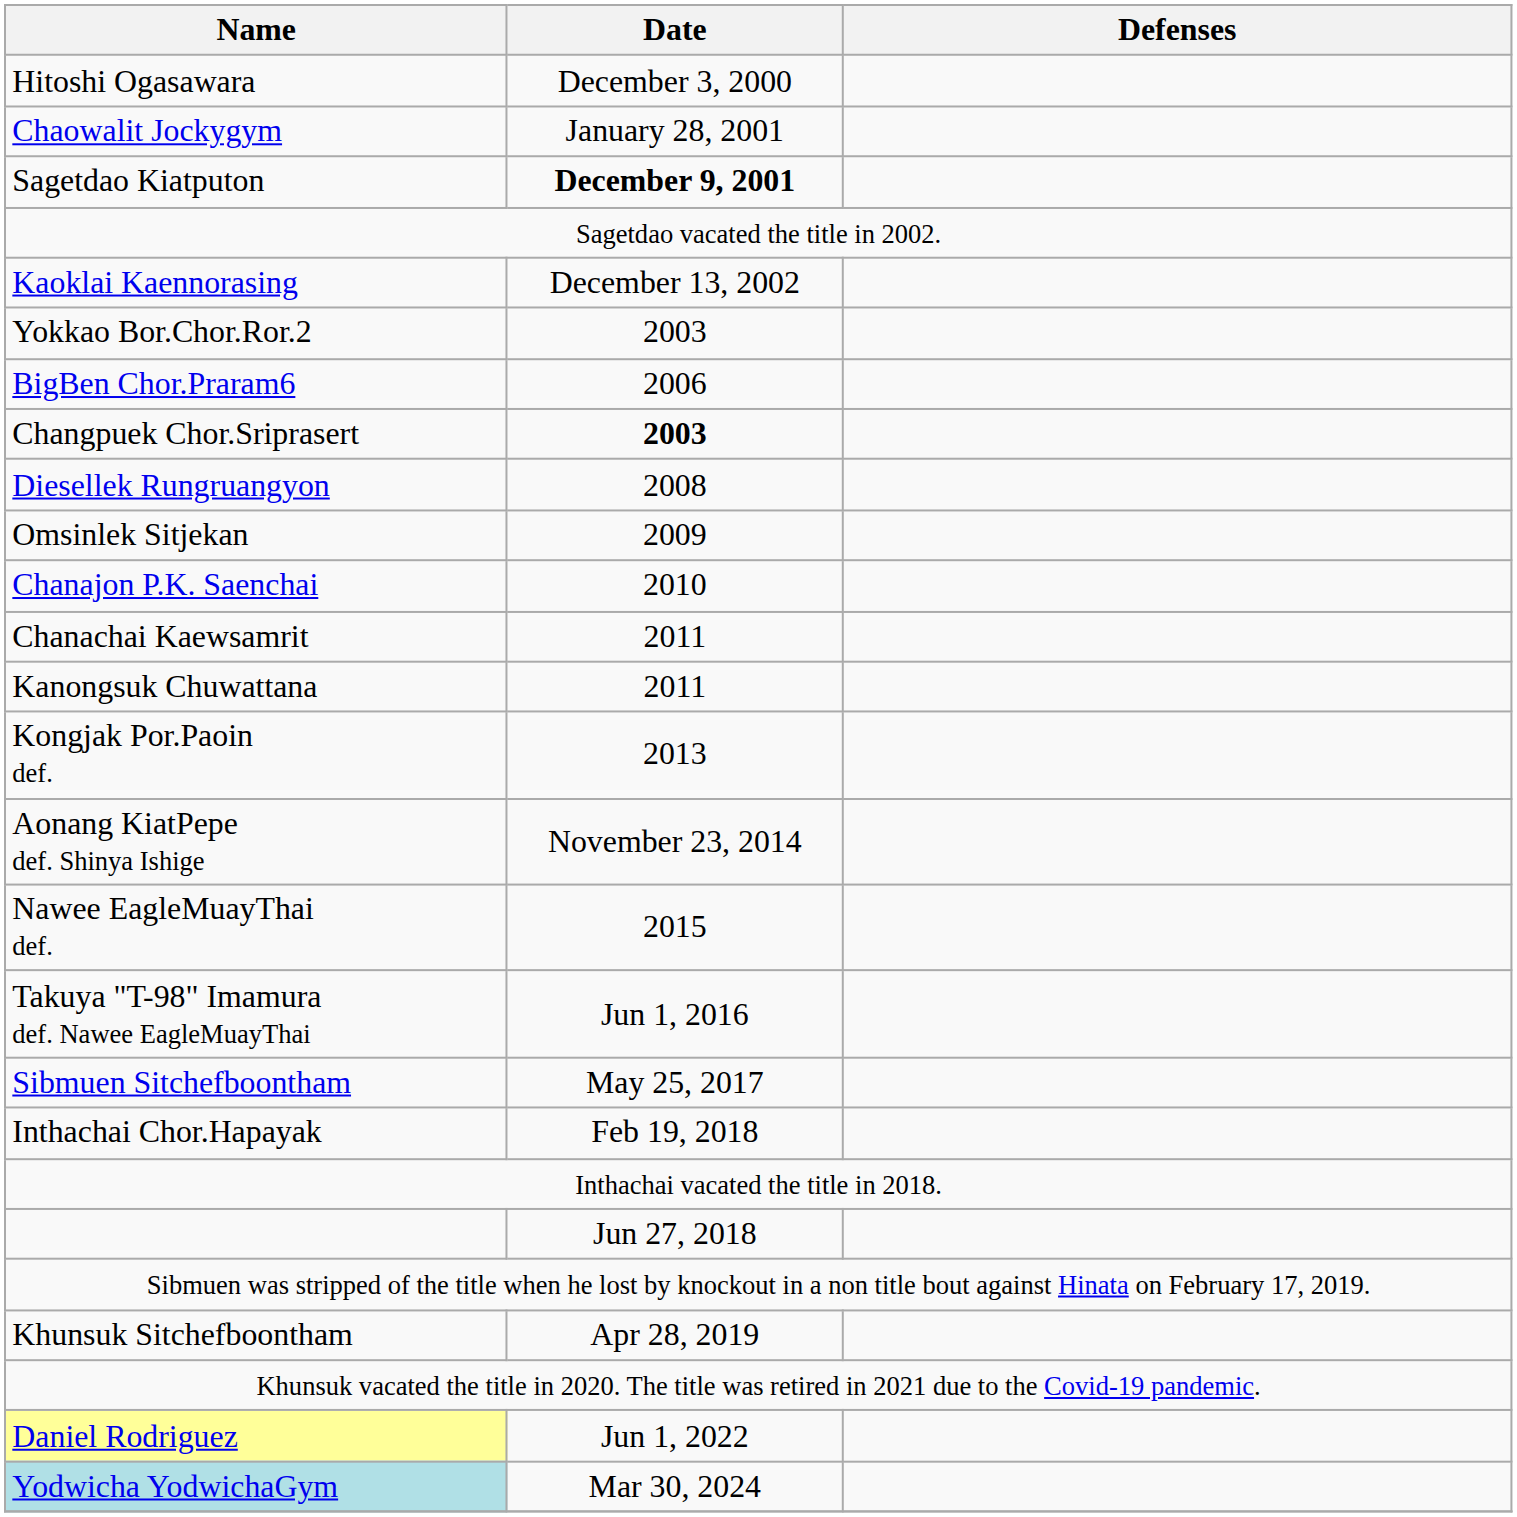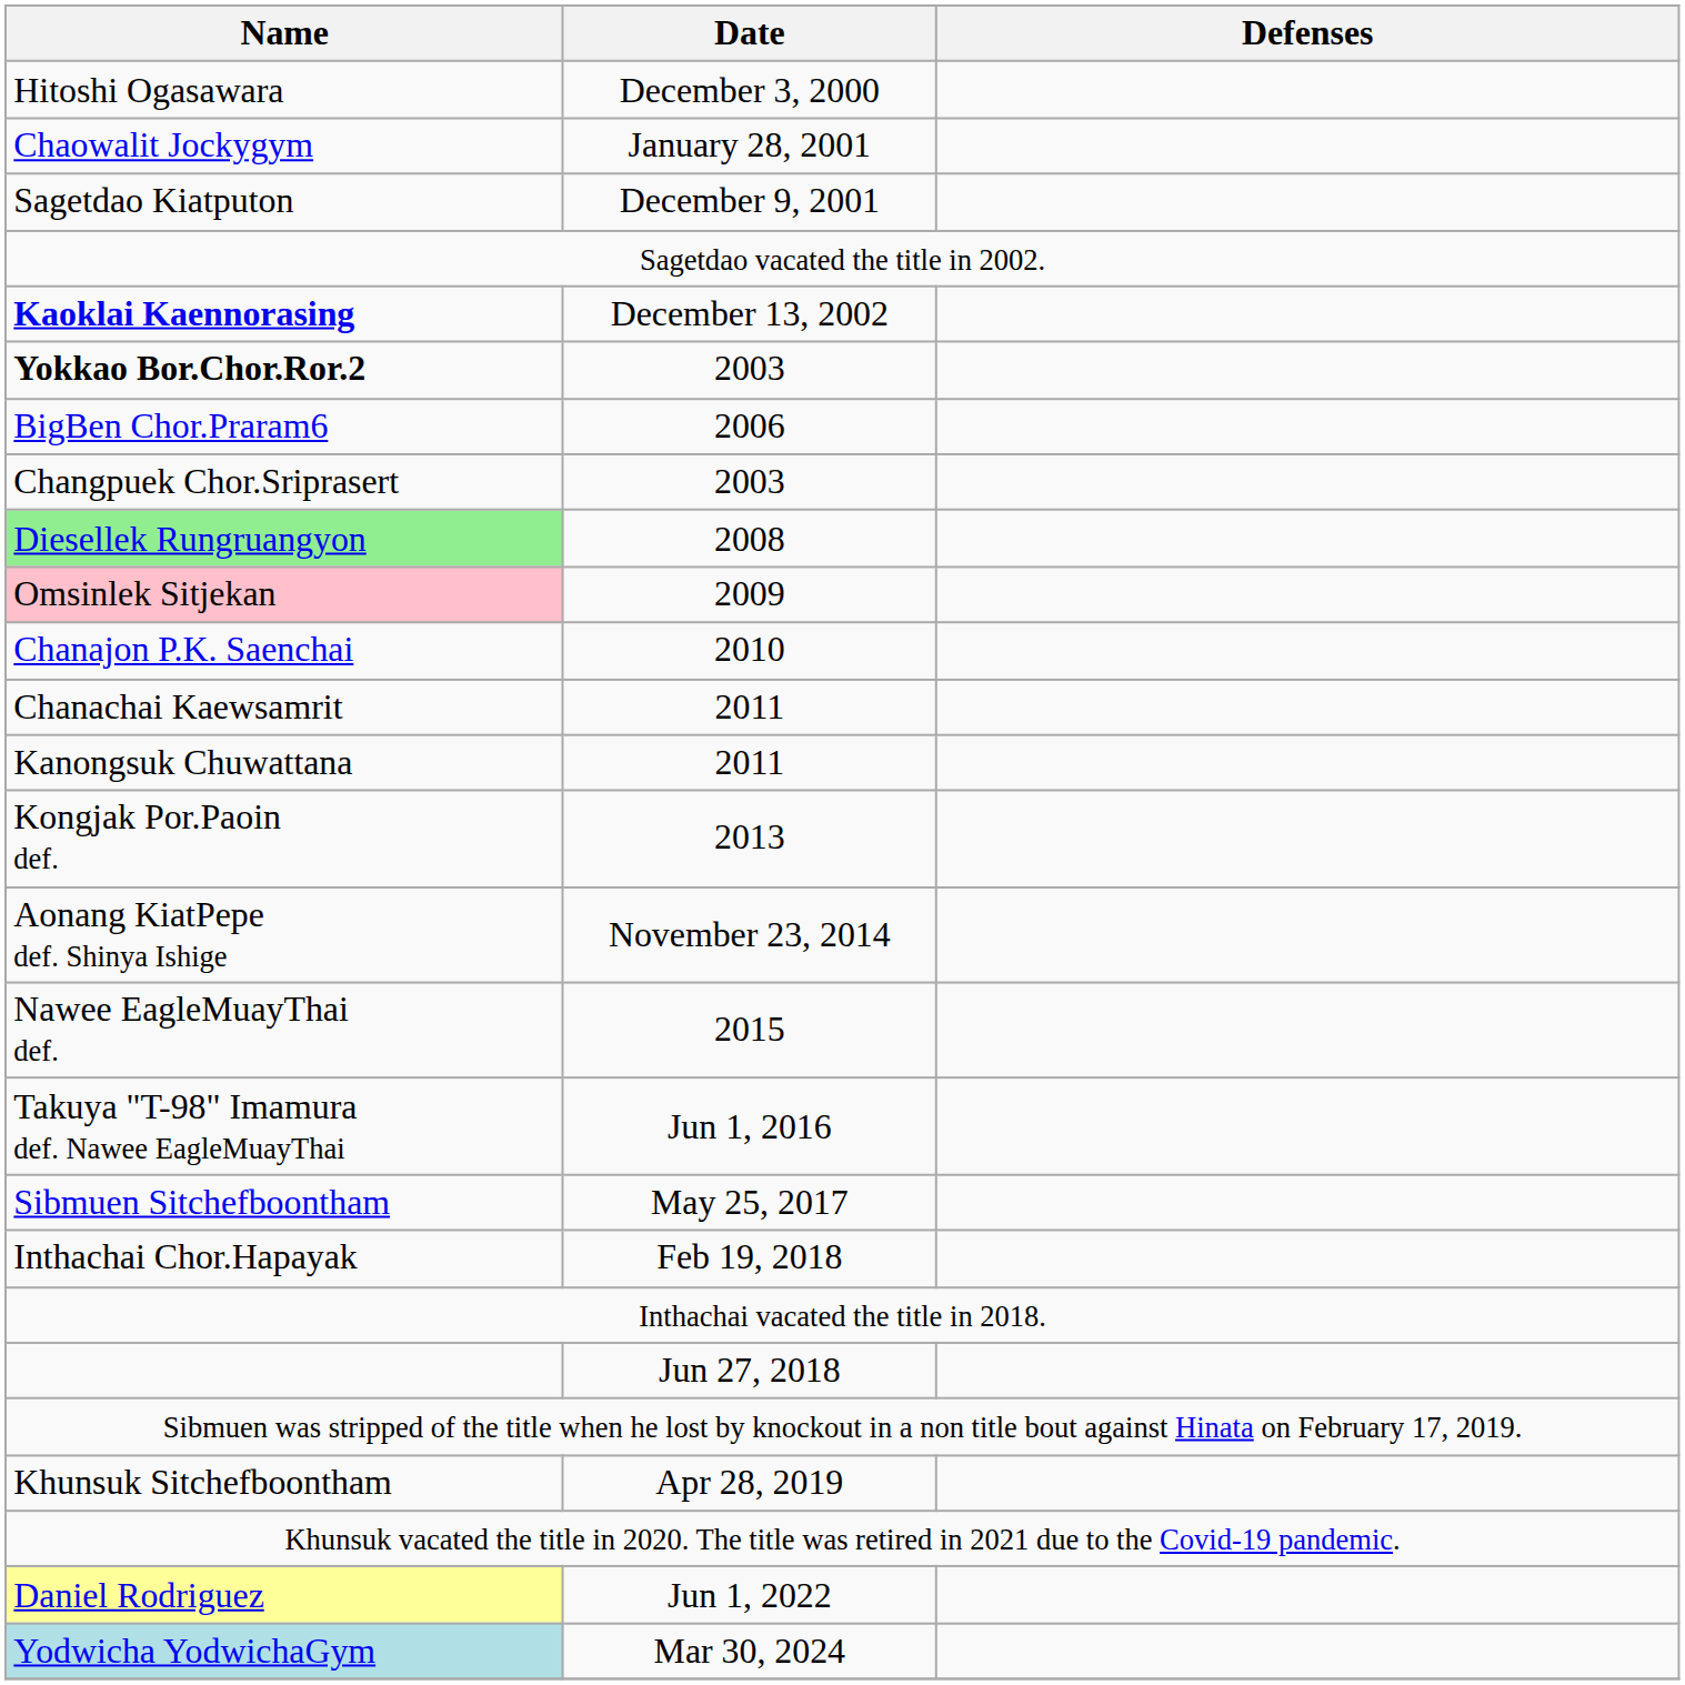 <table class="wikitable" width=60%>
 <tr>
 <th width=30%>Name</th>
 <th width=20%>Date</th>
 <th width=40%>Defenses</th>
 </tr>
 <tr>
 <td align=left> Hitoshi Ogasawara <br></td>
 <td align=center>December 3, 2000</td>
 <td></td>
 </tr>
 <tr>
 <td align=left> <a href='#'>Chaowalit Jockygym</a> <br></td>
 <td align=center>January 28, 2001</td>
 <td></td>
 </tr>
 <tr>
 <td align=left> Sagetdao Kiatputon <br></td>
-<td align=center><strong>December 9, 2001</strong></td>
+<td align=center>December 9, 2001</td>
 <td></td>
 </tr>
 <tr>
 <td colspan=4 align=center><small>Sagetdao vacated the title in 2002.</small></td>
 </tr>
 <tr>
-<td align=left> <a href='#'>Kaoklai Kaennorasing</a> <br></td>
+<td align=left><strong> <a href='#'>Kaoklai Kaennorasing</a> <br></strong></td>
 <td align=center>December 13, 2002</td>
 <td></td>
 </tr>
 <tr>
-<td align=left> Yokkao Bor.Chor.Ror.2 <br></td>
+<td align=left><strong> Yokkao Bor.Chor.Ror.2 <br></strong></td>
 <td align=center>2003</td>
 <td></td>
 </tr>
 <tr>
 <td align=left> <a href='#'>BigBen Chor.Praram6</a> <br></td>
 <td align=center>2006</td>
 <td></td>
 </tr>
 <tr>
 <td align=left> Changpuek Chor.Sriprasert <br></td>
-<td align=center><strong>2003</strong></td>
+<td align=center>2003</td>
 <td></td>
 </tr>
 <tr>
-<td align=left> <a href='#'>Diesellek Rungruangyon</a> <br></td>
+<td align=left style="background: lightgreen;"> <a href='#'>Diesellek Rungruangyon</a> <br></td>
 <td align=center>2008</td>
 <td></td>
 </tr>
 <tr>
-<td align=left> Omsinlek Sitjekan <br></td>
+<td align=left style="background: pink;"> Omsinlek Sitjekan <br></td>
 <td align=center>2009</td>
 <td></td>
 </tr>
 <tr>
 <td align=left> <a href='#'>Chanajon P.K. Saenchai</a> <br></td>
 <td align=center>2010</td>
 <td></td>
 </tr>
 <tr>
 <td align=left> Chanachai Kaewsamrit <br></td>
 <td align=center>2011</td>
 <td></td>
 </tr>
 <tr>
 <td align=left> Kanongsuk Chuwattana <br></td>
 <td align=center>2011</td>
 <td><br></td>
 </tr>
 <tr>
 <td align=left> Kongjak Por.Paoin<br><small>def. </small></td>
 <td align=center>2013</td>
 <td></td>
 </tr>
 <tr>
 <td align=left> Aonang KiatPepe<br><small>def. Shinya Ishige</small></td>
 <td align=center>November 23, 2014</td>
 <td><br></td>
 </tr>
 <tr>
 <td align=left> Nawee EagleMuayThai<br><small>def. </small></td>
 <td align=center>2015</td>
 <td></td>
 </tr>
 <tr>
 <td align=left> Takuya "T-98" Imamura<br><small>def. Nawee EagleMuayThai</small></td>
 <td align=center>Jun 1, 2016</td>
 <td><br></td>
 </tr>
 <tr>
 <td align=left> <a href='#'>Sibmuen Sitchefboontham</a> <br></td>
 <td align=center>May 25, 2017</td>
 <td></td>
 </tr>
 <tr>
 <td align=left> Inthachai Chor.Hapayak <br></td>
 <td align=center>Feb 19, 2018</td>
 <td></td>
 </tr>
 <tr>
 <td colspan=4 align=center><small>Inthachai vacated the title in 2018.</small></td>
 </tr>
 <tr>
 <td align=left><br></td>
 <td align=center>Jun 27, 2018</td>
 <td></td>
 </tr>
 <tr>
 <td colspan=4 align=center><small>Sibmuen was stripped of the title when he lost by knockout in a non title bout against <a href='#'>Hinata</a> on February 17, 2019.</small></td>
 </tr>
 <tr>
 <td align=left> Khunsuk Sitchefboontham <br></td>
 <td align=center>Apr 28, 2019</td>
 <td><br></td>
 </tr>
 <tr>
 <td colspan=4 align=center><small>Khunsuk vacated the title in 2020. The title was retired in 2021 due to the <a href='#'>Covid-19 pandemic</a>.</small></td>
 </tr>
 <tr>
 <td align=left bgcolor="#FFFF99"> <a href='#'>Daniel Rodriguez</a> <br></td>
 <td align=center>Jun 1, 2022</td>
 <td><br></td>
 </tr>
 <tr>
 <td align=left bgcolor="B0E0E6"> <a href='#'>Yodwicha YodwichaGym</a> <br></td>
 <td align=center>Mar 30, 2024</td>
 <td></td>
 </tr>
 <tr>
 </tr>
 </table>
